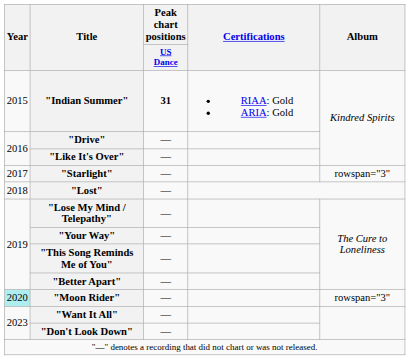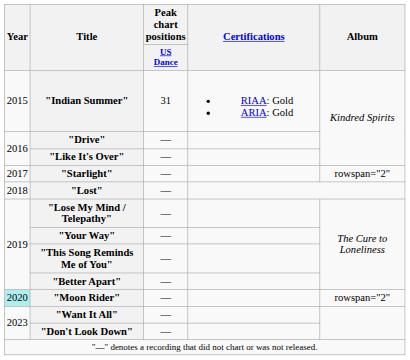 <table class="wikitable plainrowheaders" style="text-align:center;">
 <tr>
 <th scope="col" rowspan="2">Year</th>
 <th scope="col" rowspan="2">Title</th>
 <th scope="col" colspan="1">Peak chart positions</th>
 <th scope="col" rowspan="2" style="width:12em;"><a href='#'>Certifications</a></th>
 <th rowspan="2">Album</th>
 </tr>
 <tr>
 <th scope="col" style="width:3em;font-size:85%;"><a href='#'>US</a><br><a href='#'>Dance</a><br></th>
 </tr>
 <tr>
 <td>2015</td>
 <th scope="row">"Indian Summer"</th>
-<td><strong>31</strong></td>
+<td>31</td>
 <td><br><ul><li><a href='#'>RIAA</a>: Gold</li><li><a href='#'>ARIA</a>: Gold</li></ul></td>
 <td rowspan="3"><em>Kindred Spirits</em></td>
 </tr>
 <tr>
 <td rowspan="2">2016</td>
 <th scope="row">"Drive" <br></th>
 <td>—</td>
 <td></td>
 </tr>
 <tr>
 <th scope="row">"Like It's Over" <br></th>
 <td>—</td>
 <td></td>
 </tr>
 <tr>
 <td>2017</td>
 <th scope="row">"Starlight" <br></th>
 <td>—</td>
 <td></td>
-<td>rowspan="3" </td>
+<td>rowspan="2" </td>
 </tr>
 <tr>
 <td>2018</td>
 <th scope="row">"Lost" <br></th>
 <td>—</td>
 </tr>
 <tr>
 <td rowspan="4">2019</td>
 <th scope="row">"Lose My Mind / Telepathy"</th>
 <td>—</td>
 <td></td>
 <td rowspan="4"><em>The Cure to Loneliness</em></td>
 </tr>
 <tr>
 <th scope="row">"Your Way" <br></th>
 <td>—</td>
 <td></td>
 </tr>
 <tr>
 <th scope="row">"This Song Reminds Me of You"</th>
 <td>—</td>
 <td></td>
 </tr>
 <tr>
 <th scope="row">"Better Apart" <br></th>
 <td>—</td>
 <td></td>
 </tr>
 <tr>
 <td style="background: paleturquoise;">2020</td>
 <th scope="row">"Moon Rider" <br></th>
 <td>—</td>
 <td></td>
-<td>rowspan="3" </td>
+<td>rowspan="2" </td>
 </tr>
 <tr>
 <td rowspan="2">2023</td>
 <th scope="row">"Want It All" <br></th>
 <td>—</td>
 <td></td>
 </tr>
 <tr>
 <th scope="row">"Don't Look Down" <br></th>
 <td>—</td>
 <td></td>
 </tr>
 <tr>
 <td colspan="5" style="font-size:85%">"—" denotes a recording that did not chart or was not released.</td>
 </tr>
 </table>
